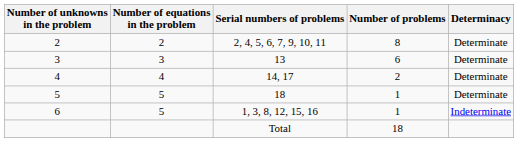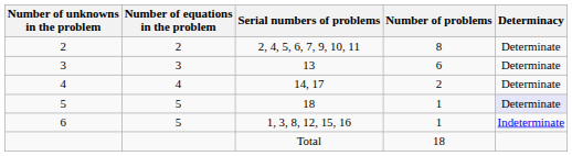 <table class="wikitable" style="text-align: center" style="margin:1em auto;">
 <tr>
 <th>Number of unknowns<br> in the problem</th>
 <th>Number of equations<br> in the problem</th>
 <th>Serial numbers of problems</th>
 <th>Number of problems</th>
 <th>Determinacy</th>
 </tr>
 <tr>
 <td>2</td>
 <td>2</td>
 <td>2, 4, 5, 6, 7, 9, 10, 11</td>
 <td>8</td>
 <td>Determinate</td>
 </tr>
 <tr>
 <td>3</td>
 <td>3</td>
 <td>13</td>
 <td>6</td>
 <td>Determinate</td>
 </tr>
 <tr>
 <td>4</td>
 <td>4</td>
 <td>14, 17</td>
 <td>2</td>
 <td>Determinate</td>
 </tr>
 <tr>
 <td>5</td>
 <td>5</td>
 <td>18</td>
 <td>1</td>
-<td>Determinate</td>
+<td style="background: lavender;">Determinate</td>
 </tr>
 <tr>
 <td>6</td>
 <td>5</td>
 <td>1, 3, 8, 12, 15, 16</td>
 <td>1</td>
 <td><a href='#'>Indeterminate</a></td>
 </tr>
 <tr>
 <td></td>
 <td></td>
 <td>Total</td>
 <td>18</td>
 </tr>
 </table>
